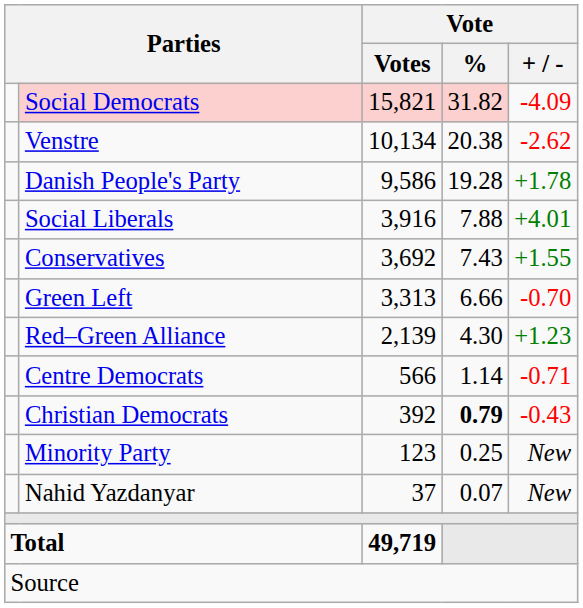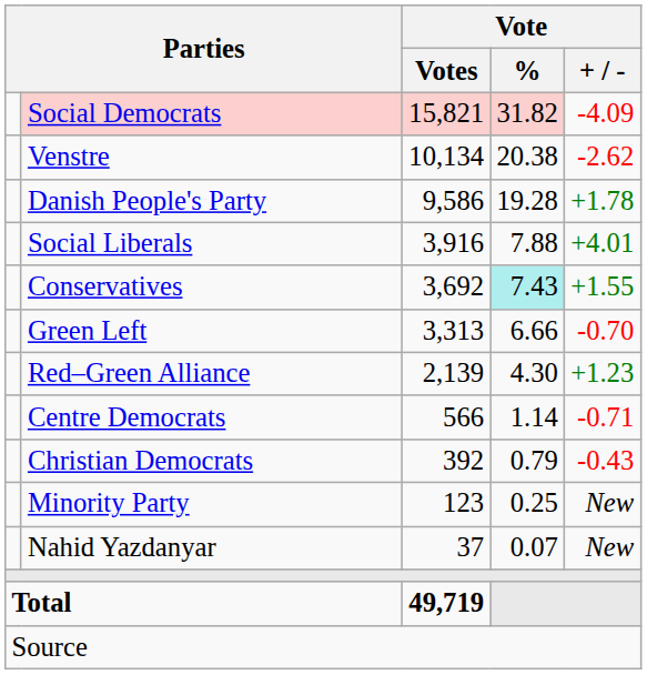 <table class="wikitable" style="text-align:right;">
 <tr>
 <th style="text-align:centre;" rowspan="2" colspan="2" width="225">Parties</th>
 <th colspan="3">Vote</th>
 </tr>
 <tr>
 <th width="15">Votes</th>
 <th width="15">%</th>
 <th width="15">+ / -</th>
 </tr>
 <tr>
 <td width="2" style="color:inherit;background:"></td>
 <td bgcolor=#fbd0ce  align="left"><a href='#'>Social Democrats</a></td>
 <td bgcolor=#fbd0ce>15,821</td>
 <td bgcolor=#fbd0ce>31.82</td>
 <td style=color:red;>-4.09</td>
 </tr>
 <tr>
 <td width="2" style="color:inherit;background:"></td>
 <td align="left"><a href='#'>Venstre</a></td>
 <td>10,134</td>
 <td>20.38</td>
 <td style=color:red;>-2.62</td>
 </tr>
 <tr>
 <td width="2" style="color:inherit;background:"></td>
 <td align="left"><a href='#'>Danish People's Party</a></td>
 <td>9,586</td>
 <td>19.28</td>
 <td style=color:green;>+1.78</td>
 </tr>
 <tr>
 <td width="2" style="color:inherit;background:"></td>
 <td align="left"><a href='#'>Social Liberals</a></td>
 <td>3,916</td>
 <td>7.88</td>
 <td style=color:green;>+4.01</td>
 </tr>
 <tr>
 <td width="2" style="color:inherit;background:"></td>
 <td align="left"><a href='#'>Conservatives</a></td>
 <td>3,692</td>
-<td>7.43</td>
+<td style="background: paleturquoise;">7.43</td>
 <td style=color:green;>+1.55</td>
 </tr>
 <tr>
 <td width="2" style="color:inherit;background:"></td>
 <td align="left"><a href='#'>Green Left</a></td>
 <td>3,313</td>
 <td>6.66</td>
 <td style=color:red;>-0.70</td>
 </tr>
 <tr>
 <td width="2" style="color:inherit;background:"></td>
 <td align="left"><a href='#'>Red–Green Alliance</a></td>
 <td>2,139</td>
 <td>4.30</td>
 <td style=color:green;>+1.23</td>
 </tr>
 <tr>
 <td width="2" style="color:inherit;background:"></td>
 <td align="left"><a href='#'>Centre Democrats</a></td>
 <td>566</td>
 <td>1.14</td>
 <td style=color:red;>-0.71</td>
 </tr>
 <tr>
 <td width="2" style="color:inherit;background:"></td>
 <td align="left"><a href='#'>Christian Democrats</a></td>
 <td>392</td>
-<td><strong>0.79</strong></td>
+<td>0.79</td>
 <td style=color:red;>-0.43</td>
 </tr>
 <tr>
 <td width="2" style="color:inherit;background:"></td>
 <td align="left"><a href='#'>Minority Party</a></td>
 <td>123</td>
 <td>0.25</td>
 <td><em>New</em></td>
 </tr>
 <tr>
 <td width="2" style="color:inherit;background:"></td>
 <td align="left">Nahid Yazdanyar</td>
 <td>37</td>
 <td>0.07</td>
 <td><em>New</em></td>
 </tr>
 <tr>
 <td colspan="7" bgcolor="#E9E9E9"></td>
 </tr>
 <tr>
 <td align="left" colspan="2"><strong>Total</strong></td>
 <td><strong>49,719</strong></td>
 <td bgcolor="#E9E9E9" colspan="2"></td>
 </tr>
 <tr>
 <td align="left" colspan="6">Source</td>
 </tr>
 </table>
